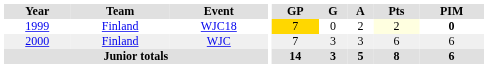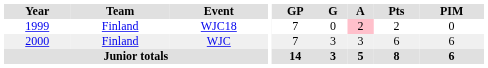 <table border="0" cellpadding="1" cellspacing="0" ID="Table3" style="text-align:center; width:40em">
 <tr ALIGN="center" bgcolor="#e0e0e0">
 <th>Year</th>
 <th>Team</th>
 <th>Event</th>
 <th rowspan="99" bgcolor="#ffffff"></th>
 <th>GP</th>
 <th>G</th>
 <th>A</th>
 <th>Pts</th>
 <th>PIM</th>
 </tr>
 <tr>
 <td><a href='#'>1999</a></td>
 <td><a href='#'>Finland</a></td>
 <td><a href='#'>WJC18</a></td>
-<td style="background: gold;">7</td>
+<td>7</td>
 <td>0</td>
+<td style="background: pink;">2</td>
 <td>2</td>
-<td style="background: lightyellow;">2</td>
-<td><strong>0</strong></td>
+<td>0</td>
 </tr>
 <tr bgcolor="#f0f0f0">
 <td><a href='#'>2000</a></td>
 <td><a href='#'>Finland</a></td>
 <td><a href='#'>WJC</a></td>
 <td>7</td>
 <td>3</td>
 <td>3</td>
 <td>6</td>
 <td>6</td>
 </tr>
 <tr bgcolor="#e0e0e0">
 <th colspan="3">Junior totals</th>
 <th>14</th>
 <th>3</th>
 <th>5</th>
 <th>8</th>
 <th>6</th>
 </tr>
 </table>
